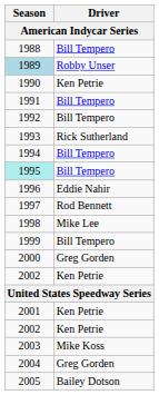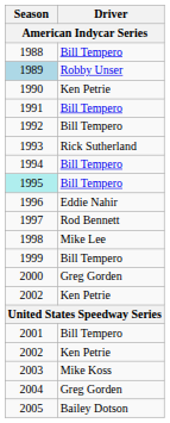 <table class="wikitable">
 <tr>
 <th>Season</th>
 <th>Driver</th>
 </tr>
 <tr>
 <th colspan=2>American Indycar Series</th>
 </tr>
 <tr>
 <td align="center">1988</td>
 <td><a href='#'>Bill Tempero</a></td>
 </tr>
 <tr>
 <td align="center" style="background: lightblue;">1989</td>
 <td><a href='#'>Robby Unser</a></td>
 </tr>
 <tr>
 <td align="center">1990</td>
 <td>Ken Petrie</td>
 </tr>
 <tr>
 <td align="center">1991</td>
 <td><a href='#'>Bill Tempero</a></td>
 </tr>
 <tr>
 <td align="center">1992</td>
 <td>Bill Tempero</td>
 </tr>
 <tr>
 <td align="center">1993</td>
 <td>Rick Sutherland</td>
 </tr>
 <tr>
 <td align="center">1994</td>
 <td><a href='#'>Bill Tempero</a></td>
 </tr>
 <tr>
 <td align="center" style="background: paleturquoise;">1995</td>
 <td><a href='#'>Bill Tempero</a></td>
 </tr>
 <tr>
 <td align="center">1996</td>
 <td>Eddie Nahir</td>
 </tr>
 <tr>
 <td align="center">1997</td>
 <td>Rod Bennett</td>
 </tr>
 <tr>
 <td align="center">1998</td>
 <td>Mike Lee</td>
 </tr>
 <tr>
 <td align="center">1999</td>
 <td>Bill Tempero</td>
 </tr>
 <tr>
 <td align="center">2000</td>
 <td>Greg Gorden</td>
 </tr>
 <tr>
 <td align="center">2002</td>
 <td>Ken Petrie</td>
 </tr>
 <tr>
 <th colspan=2>United States Speedway Series</th>
 </tr>
 <tr>
 <td align="center">2001</td>
-<td>Ken Petrie</td>
+<td>Bill Tempero</td>
 </tr>
 <tr>
 <td align="center">2002</td>
 <td>Ken Petrie</td>
 </tr>
 <tr>
 <td align="center">2003</td>
 <td>Mike Koss</td>
 </tr>
 <tr>
 <td align="center">2004</td>
 <td>Greg Gorden</td>
 </tr>
 <tr>
 <td align="center">2005</td>
 <td>Bailey Dotson</td>
 </tr>
 </table>
